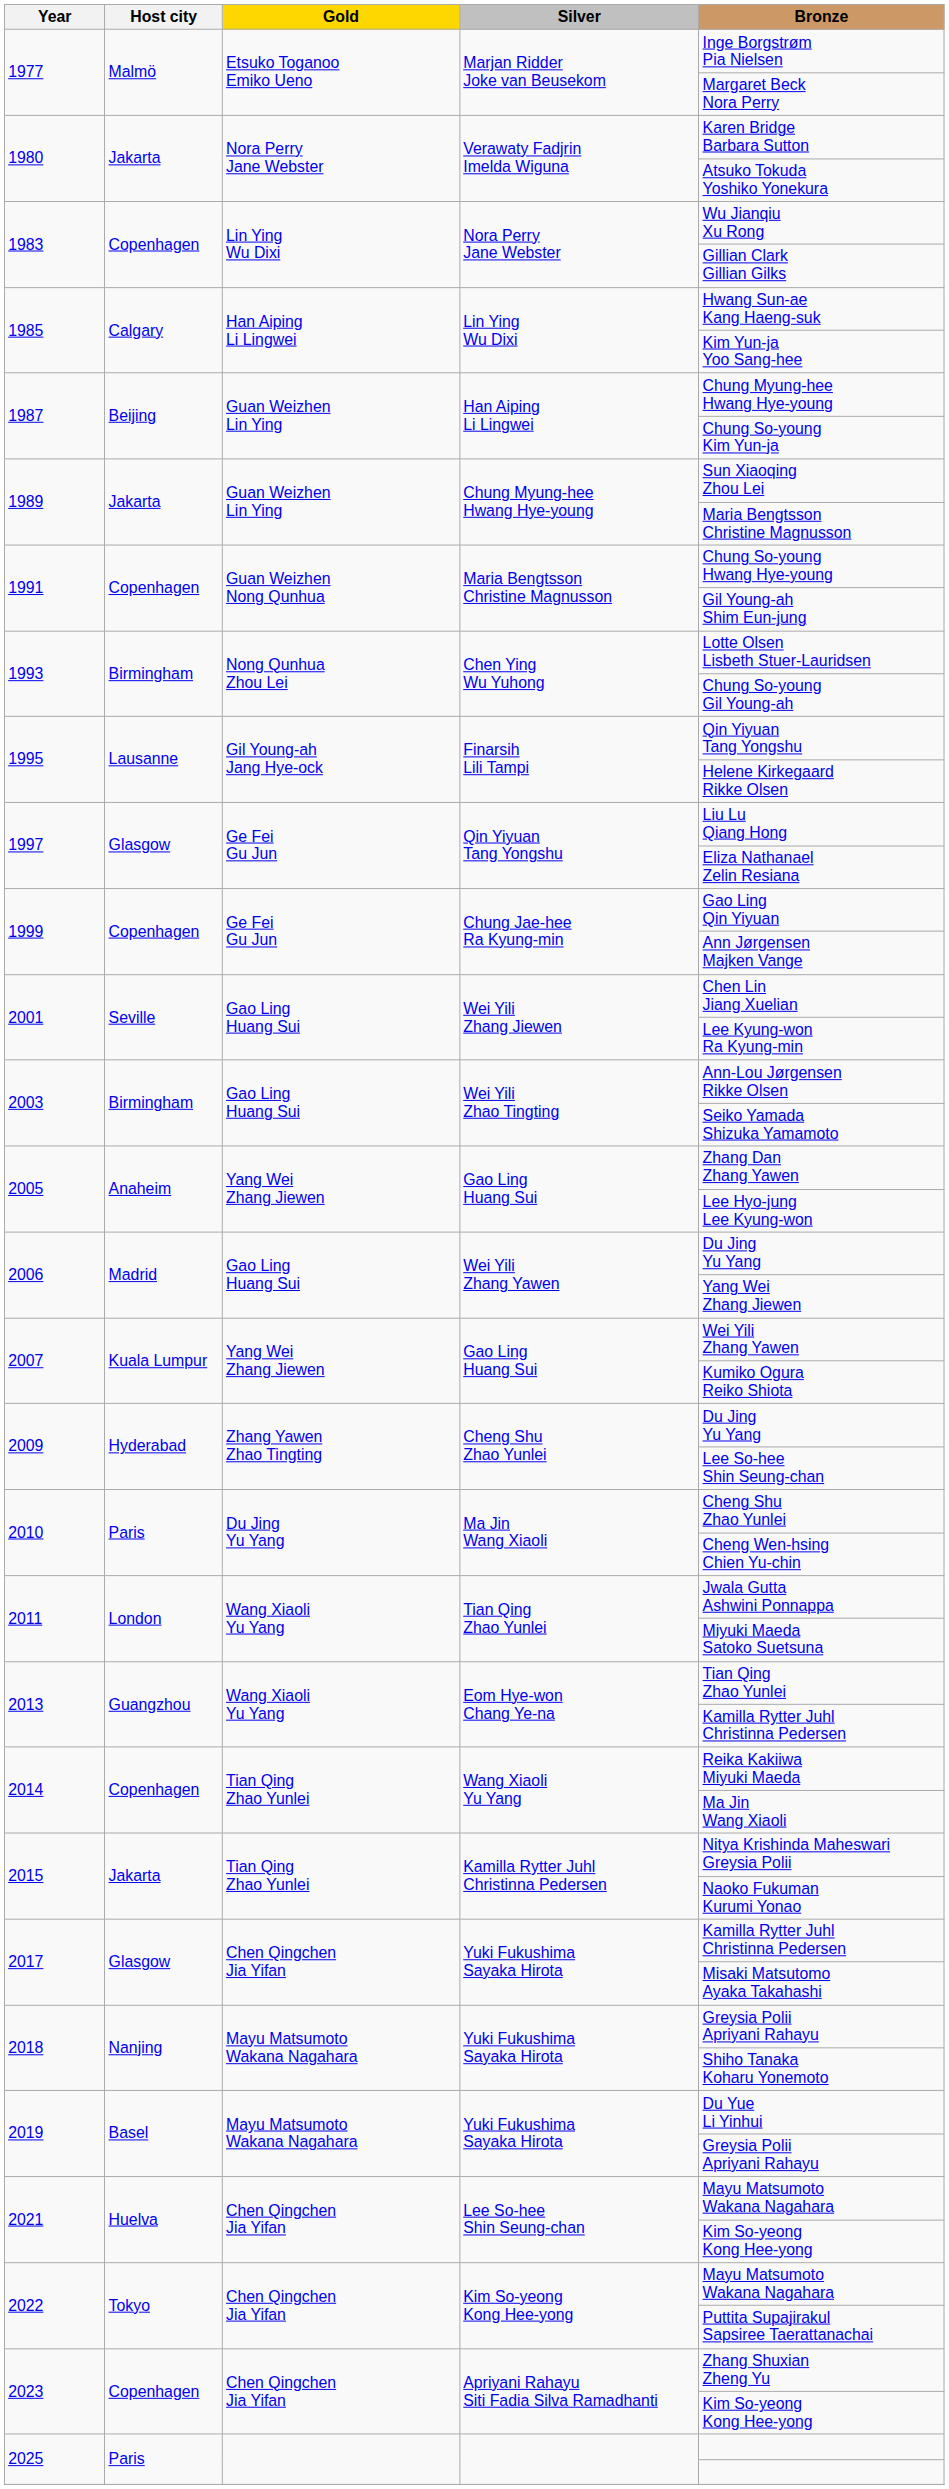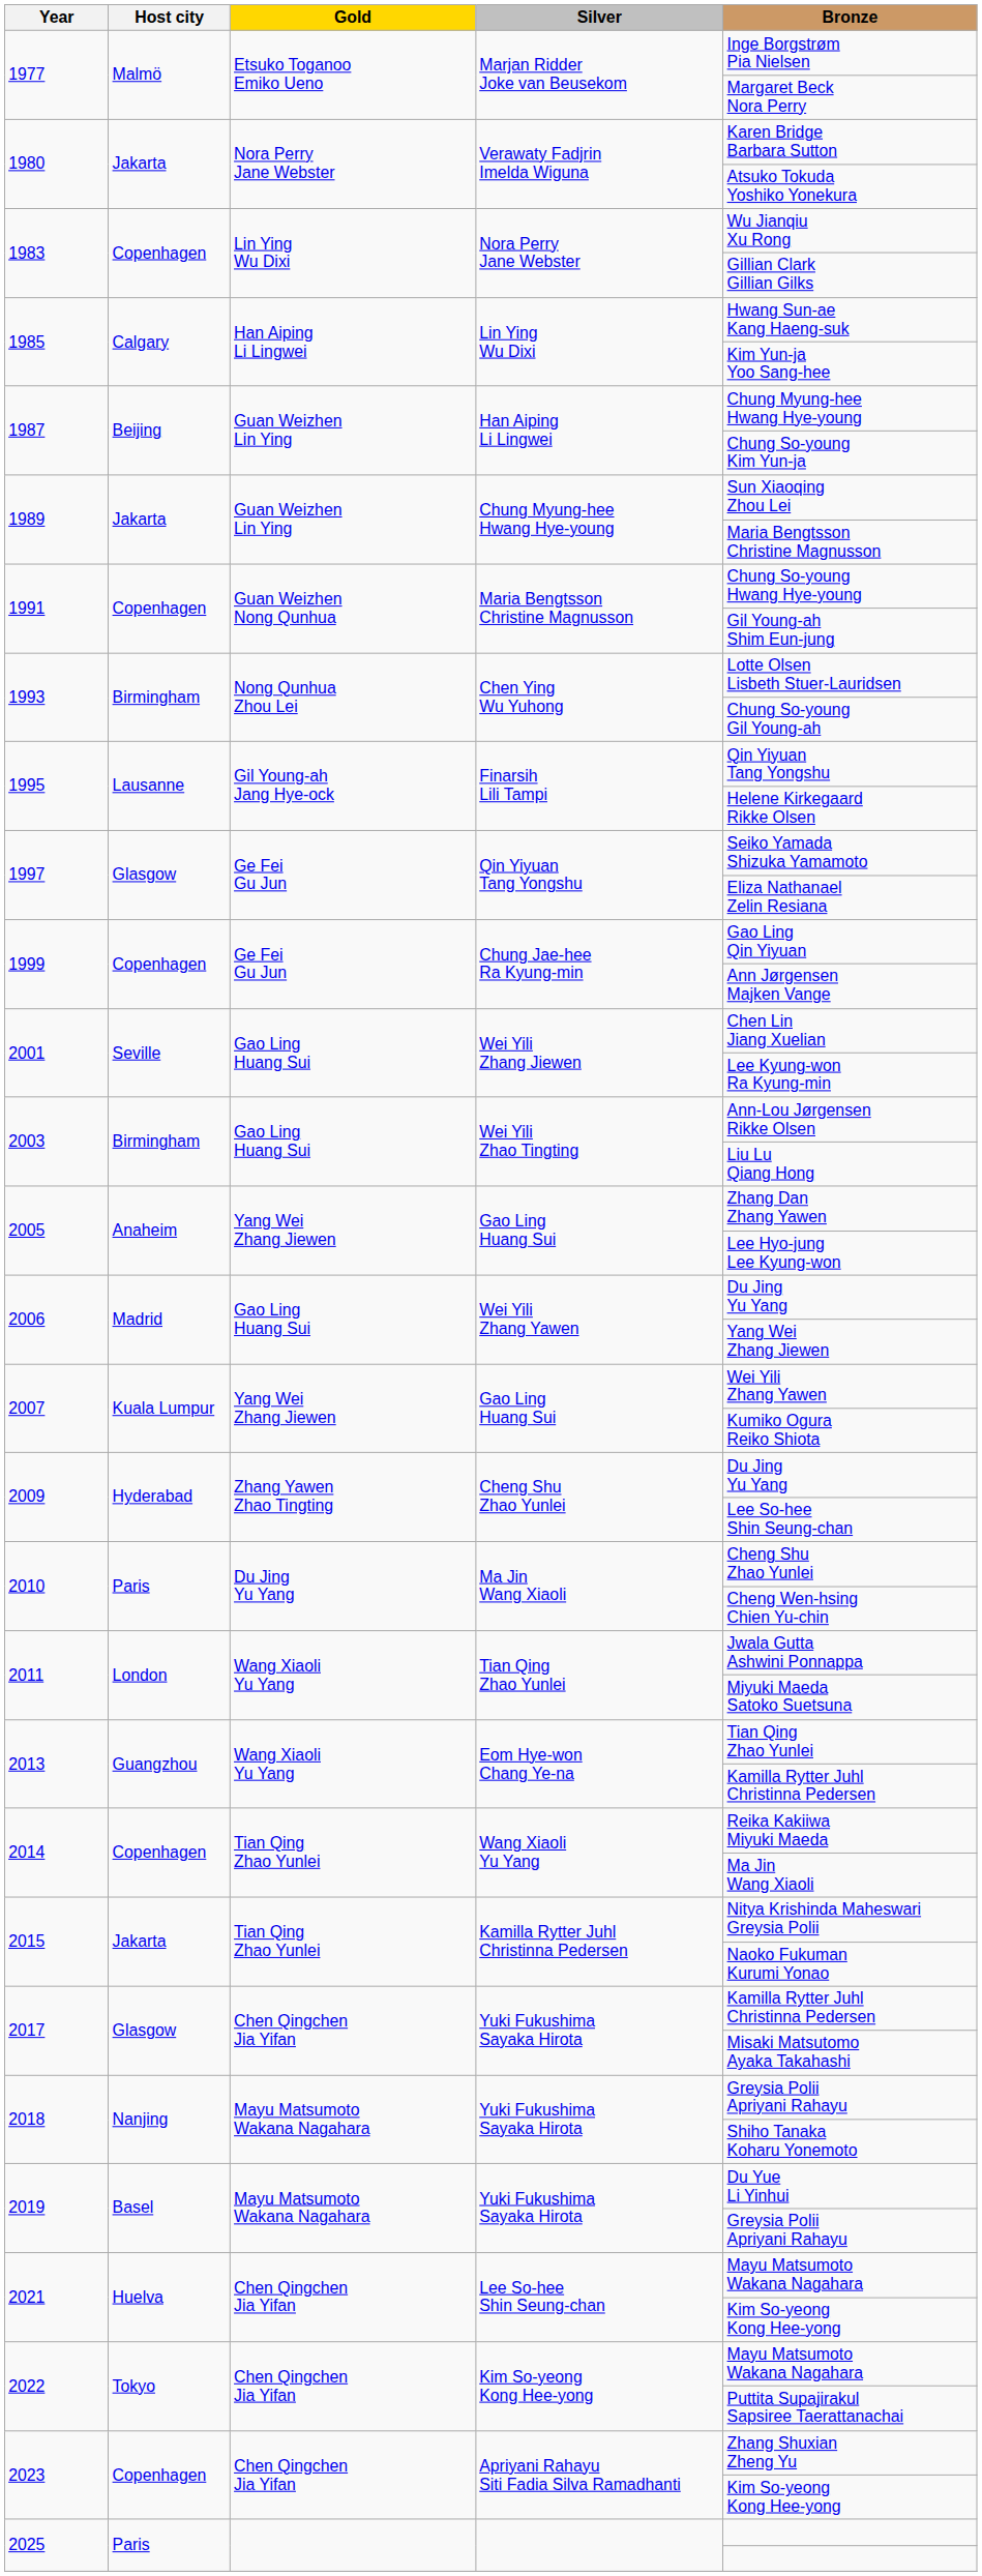 <table class="wikitable" style="text-align: left; width: 950px;">
 <tr>
 <th width="120">Year</th>
 <th width="120">Host city</th>
 <th width="300" style="background-color: gold">Gold</th>
 <th width="300" style="background-color: silver">Silver</th>
 <th width="300" style="background-color: #cc9966">Bronze</th>
 </tr>
 <tr>
 <td rowspan=2><a href='#'>1977</a></td>
 <td rowspan=2><a href='#'>Malmö</a></td>
 <td rowspan=2> <a href='#'>Etsuko Toganoo</a><br> <a href='#'>Emiko Ueno</a></td>
 <td rowspan=2> <a href='#'>Marjan Ridder</a><br> <a href='#'>Joke van Beusekom</a></td>
 <td> <a href='#'>Inge Borgstrøm</a><br> <a href='#'>Pia Nielsen</a></td>
 </tr>
 <tr>
 <td> <a href='#'>Margaret Beck</a><br> <a href='#'>Nora Perry</a></td>
 </tr>
 <tr>
 <td rowspan=2><a href='#'>1980</a></td>
 <td rowspan=2><a href='#'>Jakarta</a></td>
 <td rowspan=2> <a href='#'>Nora Perry</a><br> <a href='#'>Jane Webster</a></td>
 <td rowspan=2> <a href='#'>Verawaty Fadjrin</a><br> <a href='#'>Imelda Wiguna</a></td>
 <td> <a href='#'>Karen Bridge</a><br> <a href='#'>Barbara Sutton</a></td>
 </tr>
 <tr>
 <td> <a href='#'>Atsuko Tokuda</a><br> <a href='#'>Yoshiko Yonekura</a></td>
 </tr>
 <tr>
 <td rowspan=2><a href='#'>1983</a></td>
 <td rowspan=2><a href='#'>Copenhagen</a></td>
 <td rowspan=2> <a href='#'>Lin Ying</a><br> <a href='#'>Wu Dixi</a></td>
 <td rowspan=2> <a href='#'>Nora Perry</a><br> <a href='#'>Jane Webster</a></td>
 <td> <a href='#'>Wu Jianqiu</a><br> <a href='#'>Xu Rong</a></td>
 </tr>
 <tr>
 <td> <a href='#'>Gillian Clark</a><br> <a href='#'>Gillian Gilks</a></td>
 </tr>
 <tr>
 <td rowspan=2><a href='#'>1985</a></td>
 <td rowspan=2><a href='#'>Calgary</a></td>
 <td rowspan=2> <a href='#'>Han Aiping</a><br> <a href='#'>Li Lingwei</a></td>
 <td rowspan=2> <a href='#'>Lin Ying</a><br> <a href='#'>Wu Dixi</a></td>
 <td> <a href='#'>Hwang Sun-ae</a><br> <a href='#'>Kang Haeng-suk</a></td>
 </tr>
 <tr>
 <td> <a href='#'>Kim Yun-ja</a><br> <a href='#'>Yoo Sang-hee</a></td>
 </tr>
 <tr>
 <td rowspan=2><a href='#'>1987</a></td>
 <td rowspan=2><a href='#'>Beijing</a></td>
 <td rowspan=2> <a href='#'>Guan Weizhen</a><br> <a href='#'>Lin Ying</a></td>
 <td rowspan=2> <a href='#'>Han Aiping</a><br> <a href='#'>Li Lingwei</a></td>
 <td> <a href='#'>Chung Myung-hee</a><br> <a href='#'>Hwang Hye-young</a></td>
 </tr>
 <tr>
 <td> <a href='#'>Chung So-young</a><br> <a href='#'>Kim Yun-ja</a></td>
 </tr>
 <tr>
 <td rowspan=2><a href='#'>1989</a></td>
 <td rowspan=2><a href='#'>Jakarta</a></td>
 <td rowspan=2> <a href='#'>Guan Weizhen</a><br> <a href='#'>Lin Ying</a></td>
 <td rowspan=2> <a href='#'>Chung Myung-hee</a><br> <a href='#'>Hwang Hye-young</a></td>
 <td> <a href='#'>Sun Xiaoqing</a><br> <a href='#'>Zhou Lei</a></td>
 </tr>
 <tr>
 <td> <a href='#'>Maria Bengtsson</a><br> <a href='#'>Christine Magnusson</a></td>
 </tr>
 <tr>
 <td rowspan=2><a href='#'>1991</a></td>
 <td rowspan=2><a href='#'>Copenhagen</a></td>
 <td rowspan=2> <a href='#'>Guan Weizhen</a><br> <a href='#'>Nong Qunhua</a></td>
 <td rowspan=2> <a href='#'>Maria Bengtsson</a><br> <a href='#'>Christine Magnusson</a></td>
 <td> <a href='#'>Chung So-young</a><br> <a href='#'>Hwang Hye-young</a></td>
 </tr>
 <tr>
 <td> <a href='#'>Gil Young-ah</a><br> <a href='#'>Shim Eun-jung</a></td>
 </tr>
 <tr>
 <td rowspan=2><a href='#'>1993</a></td>
 <td rowspan=2><a href='#'>Birmingham</a></td>
 <td rowspan=2> <a href='#'>Nong Qunhua</a><br> <a href='#'>Zhou Lei</a></td>
 <td rowspan=2> <a href='#'>Chen Ying</a><br> <a href='#'>Wu Yuhong</a></td>
 <td> <a href='#'>Lotte Olsen</a><br> <a href='#'>Lisbeth Stuer-Lauridsen</a></td>
 </tr>
 <tr>
 <td> <a href='#'>Chung So-young</a><br> <a href='#'>Gil Young-ah</a></td>
 </tr>
 <tr>
 <td rowspan=2><a href='#'>1995</a></td>
 <td rowspan=2><a href='#'>Lausanne</a></td>
 <td rowspan=2> <a href='#'>Gil Young-ah</a><br> <a href='#'>Jang Hye-ock</a></td>
 <td rowspan=2> <a href='#'>Finarsih</a><br> <a href='#'>Lili Tampi</a></td>
 <td> <a href='#'>Qin Yiyuan</a><br> <a href='#'>Tang Yongshu</a></td>
 </tr>
 <tr>
 <td> <a href='#'>Helene Kirkegaard</a><br> <a href='#'>Rikke Olsen</a></td>
 </tr>
 <tr>
 <td rowspan=2><a href='#'>1997</a></td>
 <td rowspan=2><a href='#'>Glasgow</a></td>
 <td rowspan=2> <a href='#'>Ge Fei</a><br> <a href='#'>Gu Jun</a></td>
 <td rowspan=2> <a href='#'>Qin Yiyuan</a><br> <a href='#'>Tang Yongshu</a></td>
-<td> <a href='#'>Liu Lu</a><br> <a href='#'>Qiang Hong</a></td>
+<td> <a href='#'>Seiko Yamada</a><br> <a href='#'>Shizuka Yamamoto</a></td>
 </tr>
 <tr>
 <td> <a href='#'>Eliza Nathanael</a><br> <a href='#'>Zelin Resiana</a></td>
 </tr>
 <tr>
 <td rowspan=2><a href='#'>1999</a></td>
 <td rowspan=2><a href='#'>Copenhagen</a></td>
 <td rowspan=2> <a href='#'>Ge Fei</a><br> <a href='#'>Gu Jun</a></td>
 <td rowspan=2> <a href='#'>Chung Jae-hee</a><br> <a href='#'>Ra Kyung-min</a></td>
 <td> <a href='#'>Gao Ling</a><br> <a href='#'>Qin Yiyuan</a></td>
 </tr>
 <tr>
 <td> <a href='#'>Ann Jørgensen</a><br> <a href='#'>Majken Vange</a></td>
 </tr>
 <tr>
 <td rowspan=2><a href='#'>2001</a></td>
 <td rowspan=2><a href='#'>Seville</a></td>
 <td rowspan=2> <a href='#'>Gao Ling</a><br> <a href='#'>Huang Sui</a></td>
 <td rowspan=2> <a href='#'>Wei Yili</a><br> <a href='#'>Zhang Jiewen</a></td>
 <td> <a href='#'>Chen Lin</a><br> <a href='#'>Jiang Xuelian</a></td>
 </tr>
 <tr>
 <td> <a href='#'>Lee Kyung-won</a><br> <a href='#'>Ra Kyung-min</a></td>
 </tr>
 <tr>
 <td rowspan=2><a href='#'>2003</a></td>
 <td rowspan=2><a href='#'>Birmingham</a></td>
 <td rowspan=2> <a href='#'>Gao Ling</a><br> <a href='#'>Huang Sui</a></td>
 <td rowspan=2> <a href='#'>Wei Yili</a><br> <a href='#'>Zhao Tingting</a></td>
 <td> <a href='#'>Ann-Lou Jørgensen</a><br> <a href='#'>Rikke Olsen</a></td>
 </tr>
 <tr>
-<td> <a href='#'>Seiko Yamada</a><br> <a href='#'>Shizuka Yamamoto</a></td>
+<td> <a href='#'>Liu Lu</a><br> <a href='#'>Qiang Hong</a></td>
 </tr>
 <tr>
 <td rowspan=2><a href='#'>2005</a></td>
 <td rowspan=2><a href='#'>Anaheim</a></td>
 <td rowspan=2> <a href='#'>Yang Wei</a><br> <a href='#'>Zhang Jiewen</a></td>
 <td rowspan=2> <a href='#'>Gao Ling</a><br> <a href='#'>Huang Sui</a></td>
 <td> <a href='#'>Zhang Dan</a><br> <a href='#'>Zhang Yawen</a></td>
 </tr>
 <tr>
 <td> <a href='#'>Lee Hyo-jung</a><br> <a href='#'>Lee Kyung-won</a></td>
 </tr>
 <tr>
 <td rowspan=2><a href='#'>2006</a></td>
 <td rowspan=2><a href='#'>Madrid</a></td>
 <td rowspan=2> <a href='#'>Gao Ling</a><br> <a href='#'>Huang Sui</a></td>
 <td rowspan=2> <a href='#'>Wei Yili</a><br> <a href='#'>Zhang Yawen</a></td>
 <td> <a href='#'>Du Jing</a><br> <a href='#'>Yu Yang</a></td>
 </tr>
 <tr>
 <td> <a href='#'>Yang Wei</a><br> <a href='#'>Zhang Jiewen</a></td>
 </tr>
 <tr>
 <td rowspan=2><a href='#'>2007</a></td>
 <td rowspan=2><a href='#'>Kuala Lumpur</a></td>
 <td rowspan=2> <a href='#'>Yang Wei</a><br> <a href='#'>Zhang Jiewen</a></td>
 <td rowspan=2> <a href='#'>Gao Ling</a><br> <a href='#'>Huang Sui</a></td>
 <td> <a href='#'>Wei Yili</a><br> <a href='#'>Zhang Yawen</a></td>
 </tr>
 <tr>
 <td> <a href='#'>Kumiko Ogura</a><br> <a href='#'>Reiko Shiota</a></td>
 </tr>
 <tr>
 <td rowspan=2><a href='#'>2009</a></td>
 <td rowspan=2><a href='#'>Hyderabad</a></td>
 <td rowspan=2> <a href='#'>Zhang Yawen</a><br> <a href='#'>Zhao Tingting</a></td>
 <td rowspan=2> <a href='#'>Cheng Shu</a><br> <a href='#'>Zhao Yunlei</a></td>
 <td> <a href='#'>Du Jing</a><br> <a href='#'>Yu Yang</a></td>
 </tr>
 <tr>
 <td> <a href='#'>Lee So-hee</a><br> <a href='#'>Shin Seung-chan</a></td>
 </tr>
 <tr>
 <td rowspan=2><a href='#'>2010</a></td>
 <td rowspan=2><a href='#'>Paris</a></td>
 <td rowspan=2> <a href='#'>Du Jing</a><br> <a href='#'>Yu Yang</a></td>
 <td rowspan=2> <a href='#'>Ma Jin</a><br> <a href='#'>Wang Xiaoli</a></td>
 <td> <a href='#'>Cheng Shu</a><br> <a href='#'>Zhao Yunlei</a></td>
 </tr>
 <tr>
 <td> <a href='#'>Cheng Wen-hsing</a><br> <a href='#'>Chien Yu-chin</a></td>
 </tr>
 <tr>
 <td rowspan=2><a href='#'>2011</a></td>
 <td rowspan=2><a href='#'>London</a></td>
 <td rowspan=2> <a href='#'>Wang Xiaoli</a><br> <a href='#'>Yu Yang</a></td>
 <td rowspan=2> <a href='#'>Tian Qing</a><br> <a href='#'>Zhao Yunlei</a></td>
 <td> <a href='#'>Jwala Gutta</a><br> <a href='#'>Ashwini Ponnappa</a></td>
 </tr>
 <tr>
 <td> <a href='#'>Miyuki Maeda</a><br> <a href='#'>Satoko Suetsuna</a></td>
 </tr>
 <tr>
 <td rowspan=2><a href='#'>2013</a></td>
 <td rowspan=2><a href='#'>Guangzhou</a></td>
 <td rowspan=2> <a href='#'>Wang Xiaoli</a><br> <a href='#'>Yu Yang</a></td>
 <td rowspan=2> <a href='#'>Eom Hye-won</a><br> <a href='#'>Chang Ye-na</a></td>
 <td> <a href='#'>Tian Qing</a><br> <a href='#'>Zhao Yunlei</a></td>
 </tr>
 <tr>
 <td> <a href='#'>Kamilla Rytter Juhl</a><br> <a href='#'>Christinna Pedersen</a></td>
 </tr>
 <tr>
 <td rowspan=2><a href='#'>2014</a></td>
 <td rowspan=2><a href='#'>Copenhagen</a></td>
 <td rowspan=2> <a href='#'>Tian Qing</a><br> <a href='#'>Zhao Yunlei</a></td>
 <td rowspan=2> <a href='#'>Wang Xiaoli</a><br> <a href='#'>Yu Yang</a></td>
 <td> <a href='#'>Reika Kakiiwa</a><br> <a href='#'>Miyuki Maeda</a></td>
 </tr>
 <tr>
 <td> <a href='#'>Ma Jin</a><br> <a href='#'>Wang Xiaoli</a></td>
 </tr>
 <tr>
 <td rowspan=2><a href='#'>2015</a></td>
 <td rowspan=2><a href='#'>Jakarta</a></td>
 <td rowspan=2> <a href='#'>Tian Qing</a><br> <a href='#'>Zhao Yunlei</a></td>
 <td rowspan=2> <a href='#'>Kamilla Rytter Juhl</a><br> <a href='#'>Christinna Pedersen</a></td>
 <td> <a href='#'>Nitya Krishinda Maheswari</a><br> <a href='#'>Greysia Polii</a></td>
 </tr>
 <tr>
 <td> <a href='#'>Naoko Fukuman</a><br> <a href='#'>Kurumi Yonao</a></td>
 </tr>
 <tr>
 <td rowspan=2><a href='#'>2017</a></td>
 <td rowspan=2><a href='#'>Glasgow</a></td>
 <td rowspan=2> <a href='#'>Chen Qingchen</a><br> <a href='#'>Jia Yifan</a></td>
 <td rowspan=2> <a href='#'>Yuki Fukushima</a><br> <a href='#'>Sayaka Hirota</a></td>
 <td> <a href='#'>Kamilla Rytter Juhl</a><br> <a href='#'>Christinna Pedersen</a></td>
 </tr>
 <tr>
 <td> <a href='#'>Misaki Matsutomo</a><br> <a href='#'>Ayaka Takahashi</a></td>
 </tr>
 <tr>
 <td rowspan=2><a href='#'>2018</a></td>
 <td rowspan=2><a href='#'>Nanjing</a></td>
 <td rowspan=2> <a href='#'>Mayu Matsumoto</a><br> <a href='#'>Wakana Nagahara</a></td>
 <td rowspan=2> <a href='#'>Yuki Fukushima</a><br> <a href='#'>Sayaka Hirota</a></td>
 <td> <a href='#'>Greysia Polii</a><br> <a href='#'>Apriyani Rahayu</a></td>
 </tr>
 <tr>
 <td> <a href='#'>Shiho Tanaka</a><br> <a href='#'>Koharu Yonemoto</a></td>
 </tr>
 <tr>
 <td rowspan=2><a href='#'>2019</a></td>
 <td rowspan=2><a href='#'>Basel</a></td>
 <td rowspan=2> <a href='#'>Mayu Matsumoto</a><br> <a href='#'>Wakana Nagahara</a></td>
 <td rowspan=2> <a href='#'>Yuki Fukushima</a><br> <a href='#'>Sayaka Hirota</a></td>
 <td> <a href='#'>Du Yue</a><br> <a href='#'>Li Yinhui</a></td>
 </tr>
 <tr>
 <td> <a href='#'>Greysia Polii</a><br> <a href='#'>Apriyani Rahayu</a></td>
 </tr>
 <tr>
 <td rowspan=2><a href='#'>2021</a></td>
 <td rowspan=2><a href='#'>Huelva</a></td>
 <td rowspan=2> <a href='#'>Chen Qingchen</a><br> <a href='#'>Jia Yifan</a></td>
 <td rowspan=2> <a href='#'>Lee So-hee</a><br> <a href='#'>Shin Seung-chan</a></td>
 <td> <a href='#'>Mayu Matsumoto</a><br> <a href='#'>Wakana Nagahara</a></td>
 </tr>
 <tr>
 <td> <a href='#'>Kim So-yeong</a><br> <a href='#'>Kong Hee-yong</a></td>
 </tr>
 <tr>
 <td rowspan=2><a href='#'>2022</a></td>
 <td rowspan=2><a href='#'>Tokyo</a></td>
 <td rowspan=2> <a href='#'>Chen Qingchen</a><br> <a href='#'>Jia Yifan</a></td>
 <td rowspan=2> <a href='#'>Kim So-yeong</a><br> <a href='#'>Kong Hee-yong</a></td>
 <td> <a href='#'>Mayu Matsumoto</a><br> <a href='#'>Wakana Nagahara</a></td>
 </tr>
 <tr>
 <td> <a href='#'>Puttita Supajirakul</a><br> <a href='#'>Sapsiree Taerattanachai</a></td>
 </tr>
 <tr>
 <td rowspan=2><a href='#'>2023</a></td>
 <td rowspan=2><a href='#'>Copenhagen</a></td>
 <td rowspan=2> <a href='#'>Chen Qingchen</a><br> <a href='#'>Jia Yifan</a></td>
 <td rowspan=2> <a href='#'>Apriyani Rahayu</a> <br> <a href='#'>Siti Fadia Silva Ramadhanti</a></td>
 <td> <a href='#'>Zhang Shuxian</a><br> <a href='#'>Zheng Yu</a></td>
 </tr>
 <tr>
 <td> <a href='#'>Kim So-yeong</a> <br> <a href='#'>Kong Hee-yong</a></td>
 </tr>
 <tr>
 <td rowspan=2><a href='#'>2025</a></td>
 <td rowspan=2><a href='#'>Paris</a></td>
 <td rowspan=2> <br></td>
 <td rowspan=2> <br></td>
 <td> <br></td>
 </tr>
 <tr>
 <td> <br></td>
 </tr>
 <tr>
 </tr>
 </table>
